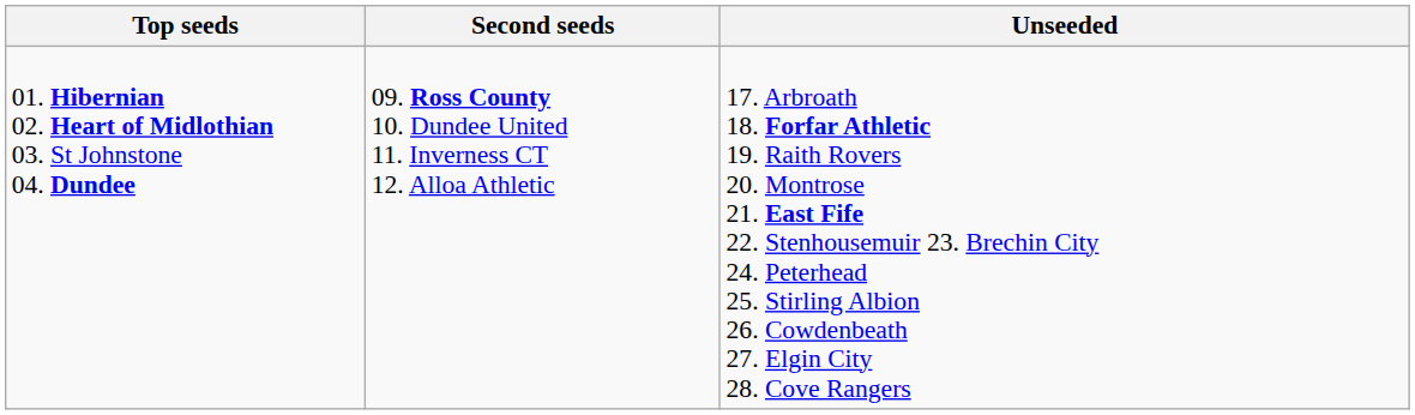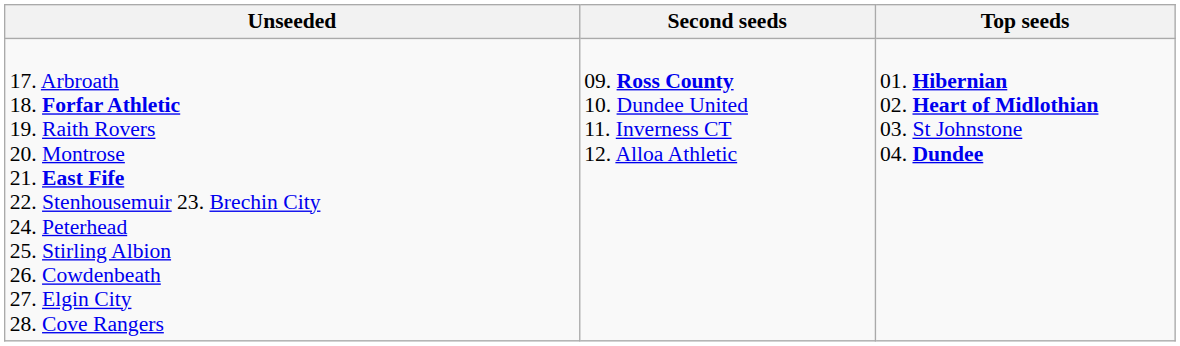 <table class="wikitable">
 <tr>
+<th style="width:500px;">Unseeded</th>
+<th style="width:250px;">Second seeds</th>
 <th style="width:250px;">Top seeds</th>
-<th style="width:250px;">Second seeds</th>
-<th style="width:500px;">Unseeded</th>
 </tr>
 <tr>
+<td valign=top><br>  17. <a href='#'>Arbroath</a><br> 18. <strong><a href='#'>Forfar Athletic</a></strong><br> 19. <a href='#'>Raith Rovers</a><br> 20. <a href='#'>Montrose</a><br> 21. <strong><a href='#'>East Fife</a></strong><br> 22. <a href='#'>Stenhousemuir</a>  23. <a href='#'>Brechin City</a><br> 24. <a href='#'>Peterhead</a><br> 25. <a href='#'>Stirling Albion</a><br> 26. <a href='#'>Cowdenbeath</a><br> 27. <a href='#'>Elgin City</a><br> 28. <a href='#'>Cove Rangers</a> </td>
+<td valign=top><br>09. <strong><a href='#'>Ross County</a></strong><br> 10. <a href='#'>Dundee United</a><br> 11. <a href='#'>Inverness CT</a><br> 12. <a href='#'>Alloa Athletic</a></td>
 <td valign=top><br>01. <strong><a href='#'>Hibernian</a></strong><br> 02. <strong><a href='#'>Heart of Midlothian</a></strong><br> 03. <a href='#'>St Johnstone</a><br> 04. <strong><a href='#'>Dundee</a></strong></td>
-<td valign=top><br>09. <strong><a href='#'>Ross County</a></strong><br> 10. <a href='#'>Dundee United</a><br> 11. <a href='#'>Inverness CT</a><br> 12. <a href='#'>Alloa Athletic</a></td>
-<td valign=top><br>  17. <a href='#'>Arbroath</a><br> 18. <strong><a href='#'>Forfar Athletic</a></strong><br> 19. <a href='#'>Raith Rovers</a><br> 20. <a href='#'>Montrose</a><br> 21. <strong><a href='#'>East Fife</a></strong><br> 22. <a href='#'>Stenhousemuir</a>  23. <a href='#'>Brechin City</a><br> 24. <a href='#'>Peterhead</a><br> 25. <a href='#'>Stirling Albion</a><br> 26. <a href='#'>Cowdenbeath</a><br> 27. <a href='#'>Elgin City</a><br> 28. <a href='#'>Cove Rangers</a> </td>
 </tr>
 </table>
